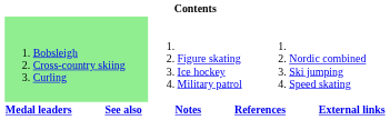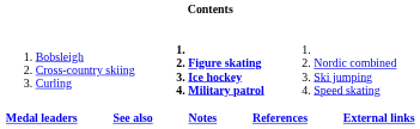 <table id="toc" class="toc" summary="Contents">
 <tr>
 <td align="center" colspan=3><strong>Contents</strong></td>
 </tr>
 <tr>
-<td style="background: lightgreen;"><br><ol><li><a href='#'>Bobsleigh</a></li><li><a href='#'>Cross-country skiing</a></li><li><a href='#'>Curling</a></li></ol></td>
-<td valign=top><br><ol><li><li><a href='#'>Figure skating</a></li><li><a href='#'>Ice hockey</a></li><li><a href='#'>Military patrol</a></li></ol></td>
+<td><br><ol><li><a href='#'>Bobsleigh</a></li><li><a href='#'>Cross-country skiing</a></li><li><a href='#'>Curling</a></li></ol></td>
+<td valign=top><strong><br><ol><li><li><a href='#'>Figure skating</a></li><li><a href='#'>Ice hockey</a></li><li><a href='#'>Military patrol</a></li></ol></strong></td>
 <td valign=top><br><ol><li><li><a href='#'>Nordic combined</a></li><li><a href='#'>Ski jumping</a></li><li><a href='#'>Speed skating</a></li></ol></td>
 </tr>
 <tr>
 <td align=center colspan=3><strong><a href='#'>Medal leaders</a></strong>   <strong><a href='#'>See also</a></strong>   <strong><a href='#'>Notes</a></strong>   <strong><a href='#'>References</a></strong>   <strong><a href='#'>External links</a></strong></td>
 </tr>
 </table>
